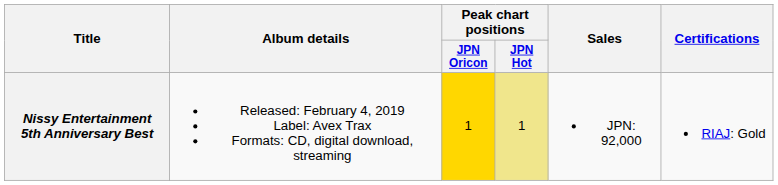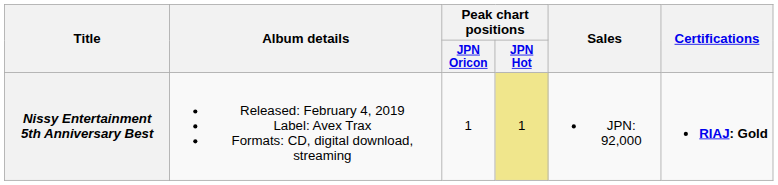 <table class="wikitable plainrowheaders" style="text-align:center;">
 <tr>
 <th style="width:12em;" rowspan="2">Title</th>
 <th style="width:20em;" rowspan="2">Album details</th>
 <th colspan="2">Peak chart positions</th>
 <th rowspan="2" style="width:8em;">Sales</th>
 <th rowspan="2" style="width:8em;"><a href='#'>Certifications</a></th>
 </tr>
 <tr>
 <th scope="col" style="width:4em;font-size:90%;"><a href='#'>JPN<br>Oricon</a><br></th>
 <th scope="col" style="width:4em;font-size:90%;"><a href='#'>JPN<br>Hot</a><br></th>
 </tr>
 <tr>
 <th scope="row"><em>Nissy Entertainment<br> 5th Anniversary Best</em></th>
 <td><br><ul><li>Released: February 4, 2019</li><li>Label: Avex Trax</li><li>Formats: CD, digital download, streaming</li></ul></td>
-<td style="background: gold;">1</td>
+<td>1</td>
 <td style="background: khaki;">1</td>
 <td><br><ul><li>JPN: 92,000</li></ul></td>
-<td><br><ul><li><a href='#'>RIAJ</a>: Gold</li></ul></td>
+<td><strong><br><ul><li><a href='#'>RIAJ</a>: Gold</li></ul></strong></td>
 </tr>
 </table>
